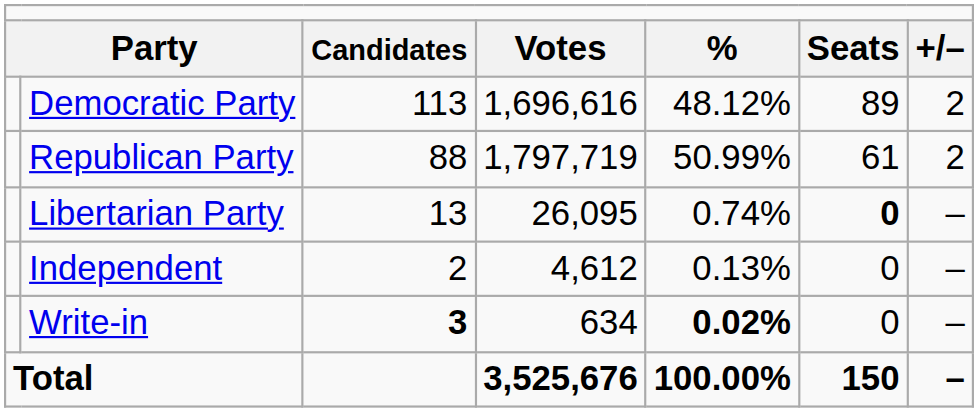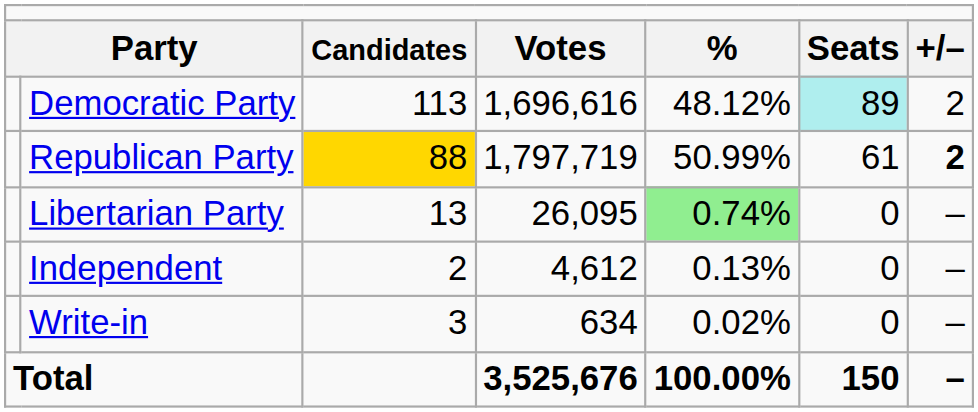 <table class="wikitable" style="font-size:100%; text-align:right;">
 <tr>
 <td colspan="15" align="center"></td>
 </tr>
 <tr>
 <th colspan="2">Party</th>
 <th><small>Candidates</small></th>
 <th>Votes</th>
 <th>%</th>
 <th>Seats</th>
 <th>+/–</th>
 </tr>
 <tr>
 <td style="background:"></td>
 <td align="left"><a href='#'>Democratic Party</a></td>
 <td>113</td>
 <td>1,696,616</td>
 <td>48.12%</td>
-<td>89</td>
+<td style="background: paleturquoise;">89</td>
 <td>2</td>
 </tr>
 <tr>
 <td style="background:"></td>
 <td align="left"><a href='#'>Republican Party</a></td>
-<td>88</td>
+<td style="background: gold;">88</td>
 <td>1,797,719</td>
 <td>50.99%</td>
 <td>61</td>
-<td>2</td>
+<td><strong>2</strong></td>
 </tr>
 <tr>
 <td style="background:"></td>
 <td align="left"><a href='#'>Libertarian Party</a></td>
 <td>13</td>
 <td>26,095</td>
-<td>0.74%</td>
-<td><strong>0</strong></td>
+<td style="background: lightgreen;">0.74%</td>
+<td>0</td>
 <td>–</td>
 </tr>
 <tr>
 <td style="background:"></td>
 <td align="left"><a href='#'>Independent</a></td>
 <td>2</td>
 <td>4,612</td>
 <td>0.13%</td>
 <td>0</td>
 <td>–</td>
 </tr>
 <tr>
 <td style="background:"></td>
 <td align="left"><a href='#'>Write-in</a></td>
-<td><strong>3</strong></td>
+<td>3</td>
 <td>634</td>
-<td><strong>0.02%</strong></td>
+<td>0.02%</td>
 <td>0</td>
 <td>–</td>
 </tr>
 <tr style="font-weight:bold">
 <td colspan="2" align="left">Total</td>
 <td></td>
 <td>3,525,676</td>
 <td>100.00%</td>
 <td>150</td>
 <td>–</td>
 </tr>
 </table>
